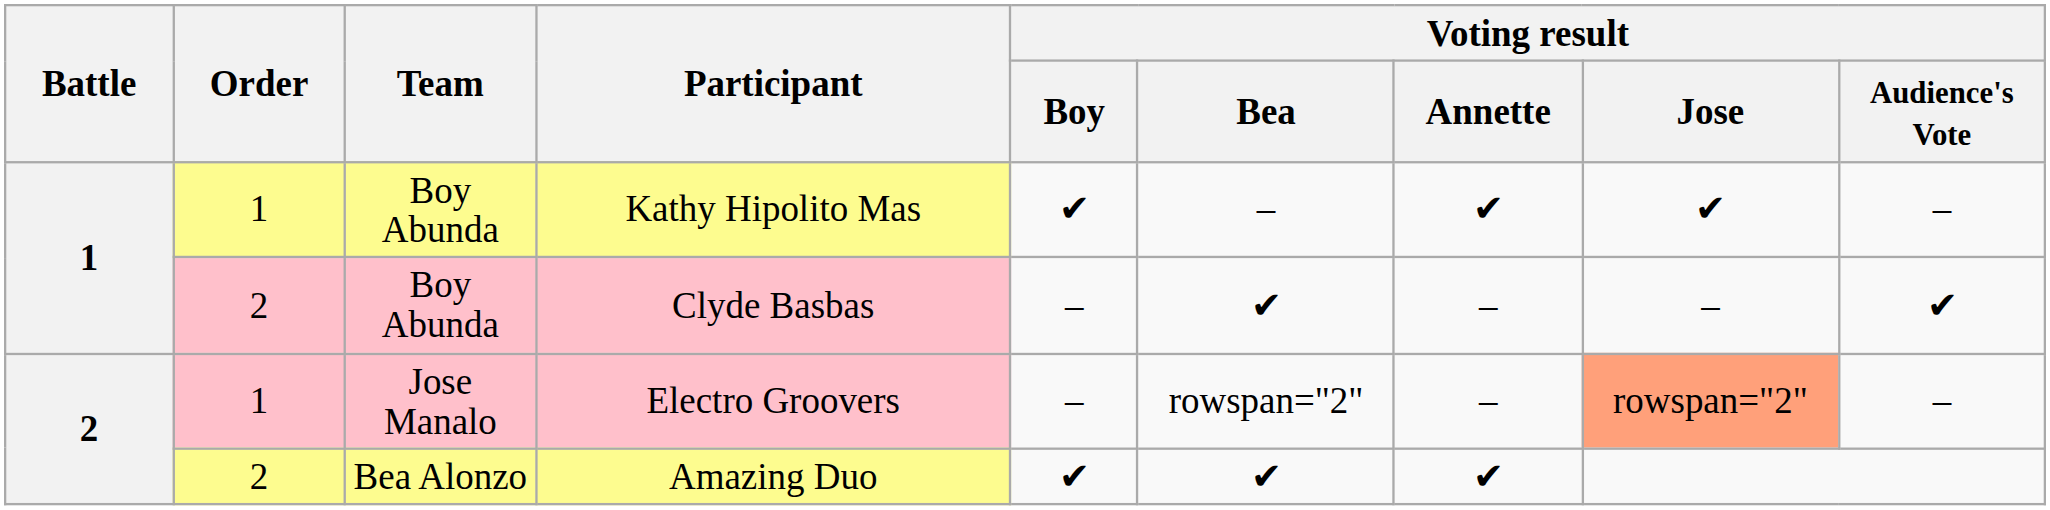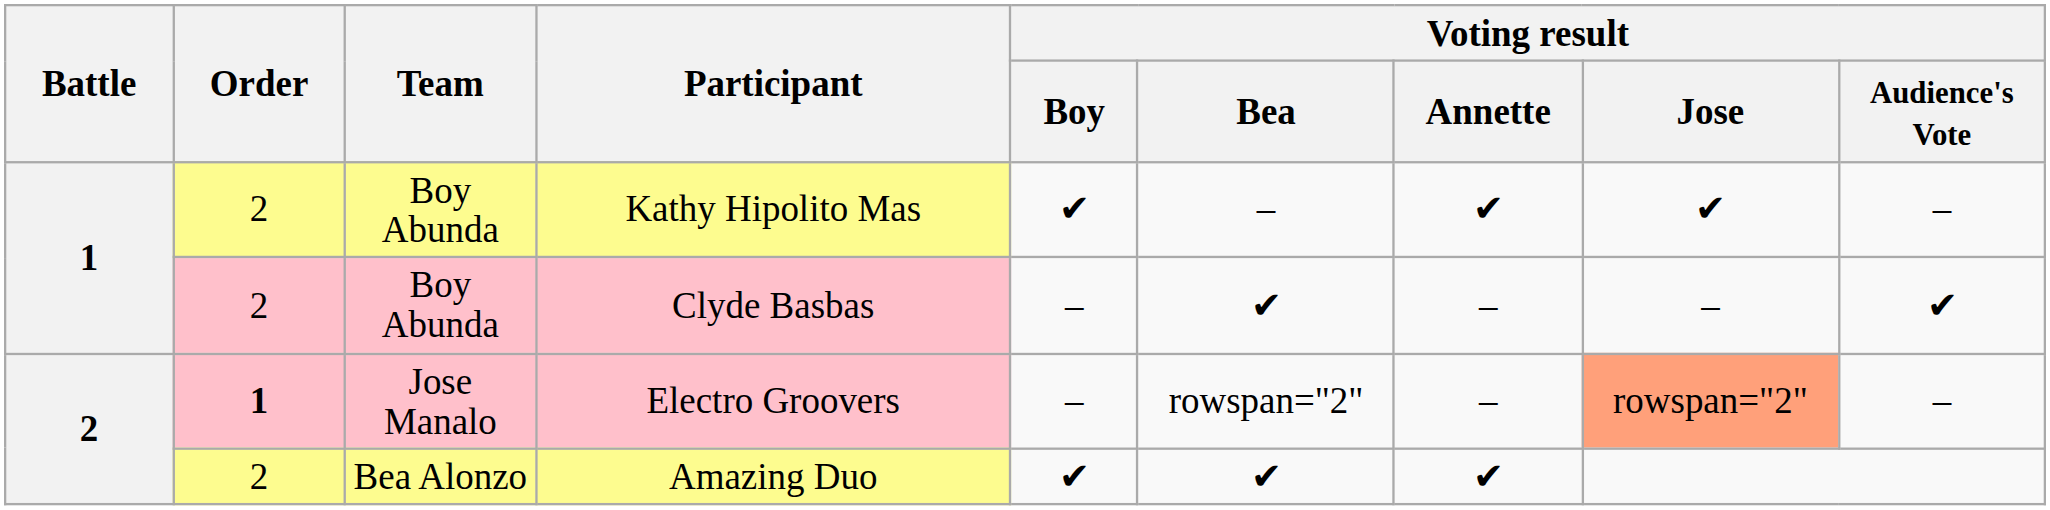 <table class="wikitable" style="text-align:center; line-height:17px; width:100%;">
 <tr>
 <th scope="col" rowspan="2" width="05%">Battle</th>
 <th scope="col" rowspan="2" width="05%">Order</th>
 <th scope="col" rowspan="2" width="05%">Team</th>
 <th scope="col" rowspan="2" width="15%">Participant</th>
 <th scope="col" colspan="5" width="20%">Voting result</th>
 </tr>
 <tr>
 <th width="4%">Boy</th>
 <th width="4%">Bea</th>
 <th width="4%">Annette</th>
 <th width="4%">Jose</th>
 <th width="4%"><small>Audience's Vote</small></th>
 </tr>
 <tr>
 <th rowspan="2">1</th>
-<td style="background:#fdfc8f;">1</td>
+<td style="background:#fdfc8f;">2</td>
 <td style="background:#fdfc8f;">Boy Abunda</td>
 <td style="background:#fdfc8f;">Kathy Hipolito Mas</td>
 <td>✔ </td>
 <td>–</td>
 <td>✔</td>
 <td>✔</td>
 <td>–</td>
 </tr>
 <tr>
 <td style="background:pink;">2</td>
 <td style="background:pink;">Boy Abunda</td>
 <td style="background:pink;">Clyde Basbas</td>
 <td>–</td>
 <td>✔</td>
 <td>–</td>
 <td>–</td>
 <td>✔</td>
 </tr>
 <tr>
 <th rowspan="2">2</th>
-<td style="background:pink;">1</td>
+<td style="background:pink;"><strong>1</strong></td>
 <td style="background:pink;">Jose Manalo</td>
 <td style="background:pink;">Electro Groovers</td>
 <td>–</td>
 <td>rowspan="2" </td>
 <td>–</td>
 <td style="background: lightsalmon;">rowspan="2" </td>
 <td>–</td>
 </tr>
 <tr>
 <td style="background:#fdfc8f;">2</td>
 <td style="background:#fdfc8f;">Bea Alonzo</td>
 <td style="background:#fdfc8f;">Amazing Duo</td>
 <td>✔</td>
 <td>✔</td>
 <td>✔</td>
 </tr>
 </table>
